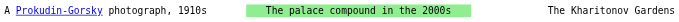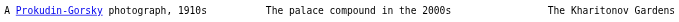 <table class="graytable">
 <tr>
 <td width="29%"></td>
 <td width="5%"></td>
 <td width="32%"></td>
 <td width="5%"></td>
 <td></td>
 </tr>
 <tr>
 <td align="center">A <a href='#'>Prokudin-Gorsky</a> photograph, 1910s</td>
 <td></td>
-<td align="center" style="background: lightgreen;">The palace compound in the 2000s</td>
+<td align="center">The palace compound in the 2000s</td>
 <td></td>
 <td align="center">The Kharitonov Gardens</td>
 </tr>
 </table>
